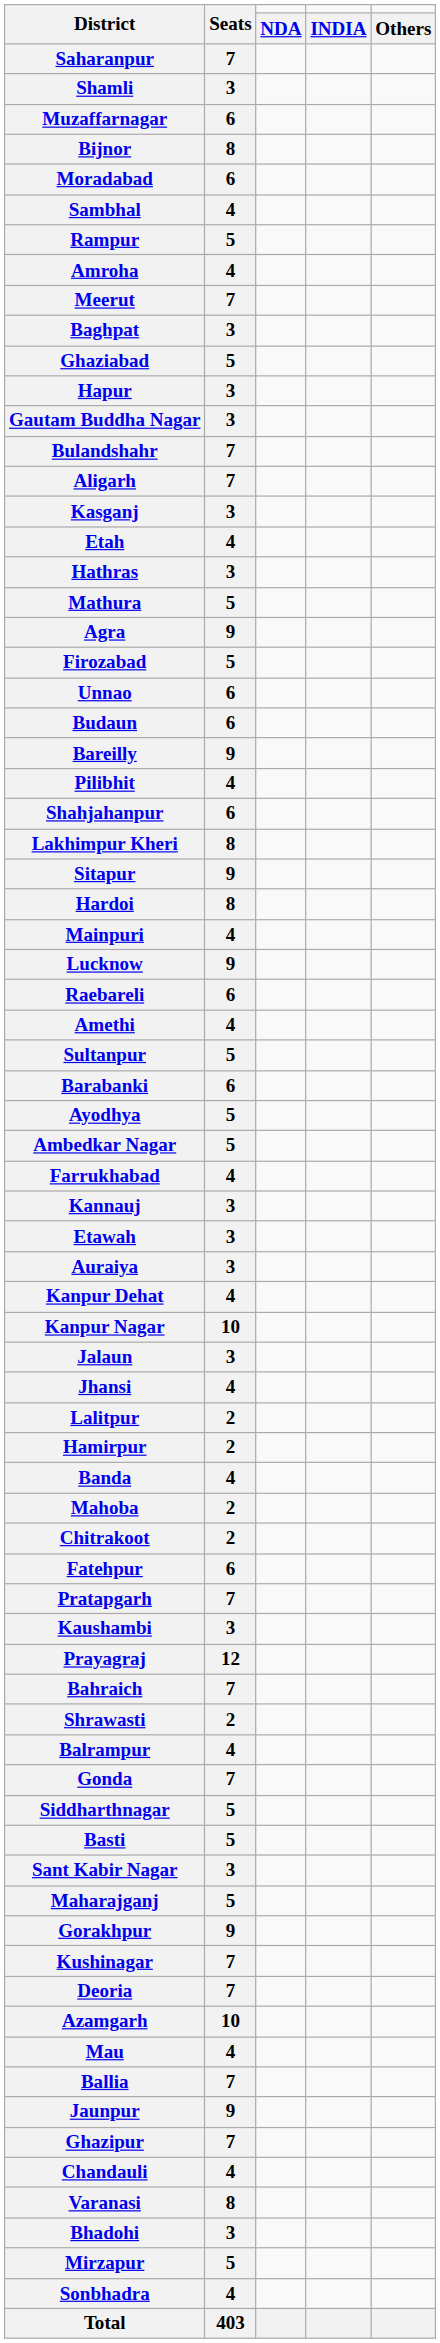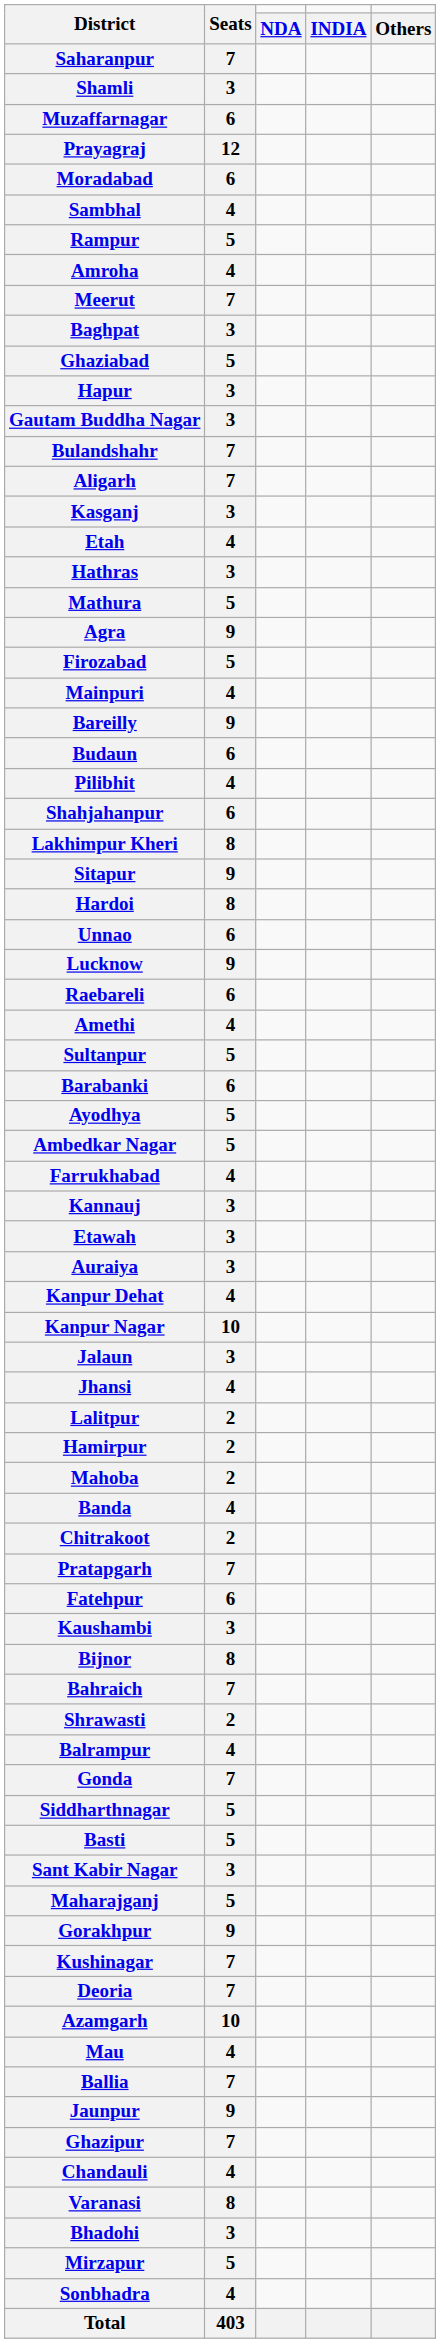 <table class="wikitable" style="text-align:center;">
 <tr>
 <th rowspan="2">District</th>
 <th rowspan="2">Seats</th>
 <td style="color:inherit;background:"></td>
 <td style="color:inherit;background:"></td>
 <td style="color:inherit;background:"></td>
 </tr>
 <tr>
 <th><a href='#'>NDA</a></th>
 <th><a href='#'>INDIA</a></th>
 <th>Others</th>
 </tr>
 <tr>
 <th><a href='#'>Saharanpur</a></th>
 <th>7</th>
 <td></td>
 <td></td>
 <td></td>
 </tr>
 <tr>
 <th><a href='#'>Shamli</a></th>
 <th>3</th>
 <td></td>
 <td></td>
 <td></td>
 </tr>
 <tr>
 <th><a href='#'>Muzaffarnagar</a></th>
 <th>6</th>
 <td></td>
 <td></td>
 <td></td>
 </tr>
 <tr>
-<th><a href='#'>Bijnor</a></th>
-<th>8</th>
+<th><a href='#'>Prayagraj</a></th>
+<th>12</th>
 <td></td>
 <td></td>
 <td></td>
 </tr>
 <tr>
 <th><a href='#'>Moradabad</a></th>
 <th>6</th>
 <td></td>
 <td></td>
 <td></td>
 </tr>
 <tr>
 <th><a href='#'>Sambhal</a></th>
 <th>4</th>
 <td></td>
 <td></td>
 <td></td>
 </tr>
 <tr>
 <th><a href='#'>Rampur</a></th>
 <th>5</th>
 <td></td>
 <td></td>
 <td></td>
 </tr>
 <tr>
 <th><a href='#'>Amroha</a></th>
 <th>4</th>
 <td></td>
 <td></td>
 <td></td>
 </tr>
 <tr>
 <th><a href='#'>Meerut</a></th>
 <th>7</th>
 <td></td>
 <td></td>
 <td></td>
 </tr>
 <tr>
 <th><a href='#'>Baghpat</a></th>
 <th>3</th>
 <td></td>
 <td></td>
 <td></td>
 </tr>
 <tr>
 <th><a href='#'>Ghaziabad</a></th>
 <th>5</th>
 <td></td>
 <td></td>
 <td></td>
 </tr>
 <tr>
 <th><a href='#'>Hapur</a></th>
 <th>3</th>
 <td></td>
 <td></td>
 <td></td>
 </tr>
 <tr>
 <th><a href='#'>Gautam Buddha Nagar</a></th>
 <th>3</th>
 <td></td>
 <td></td>
 <td></td>
 </tr>
 <tr>
 <th><a href='#'>Bulandshahr</a></th>
 <th>7</th>
 <td></td>
 <td></td>
 <td></td>
 </tr>
 <tr>
 <th><a href='#'>Aligarh</a></th>
 <th>7</th>
 <td></td>
 <td></td>
 <td></td>
 </tr>
 <tr>
 <th><a href='#'>Kasganj</a></th>
 <th>3</th>
 <td></td>
 <td></td>
 <td></td>
 </tr>
 <tr>
 <th><a href='#'>Etah</a></th>
 <th>4</th>
 <td></td>
 <td></td>
 <td></td>
 </tr>
 <tr>
 <th><a href='#'>Hathras</a></th>
 <th>3</th>
 <td></td>
 <td></td>
 <td></td>
 </tr>
 <tr>
 <th><a href='#'>Mathura</a></th>
 <th>5</th>
 <td></td>
 <td></td>
 <td></td>
 </tr>
 <tr>
 <th><a href='#'>Agra</a></th>
 <th>9</th>
 <td></td>
 <td></td>
 <td></td>
 </tr>
 <tr>
 <th><a href='#'>Firozabad</a></th>
 <th>5</th>
 <td></td>
 <td></td>
 <td></td>
 </tr>
 <tr>
-<th><a href='#'>Unnao</a></th>
-<th>6</th>
+<th><a href='#'>Mainpuri</a></th>
+<th>4</th>
+<td></td>
+<td></td>
+<td></td>
+</tr>
+<tr>
+<th><a href='#'>Bareilly</a></th>
+<th>9</th>
 <td></td>
 <td></td>
 <td></td>
 </tr>
 <tr>
 <th><a href='#'>Budaun</a></th>
 <th>6</th>
-<td></td>
-<td></td>
-<td></td>
-</tr>
-<tr>
-<th><a href='#'>Bareilly</a></th>
-<th>9</th>
 <td></td>
 <td></td>
 <td></td>
 </tr>
 <tr>
 <th><a href='#'>Pilibhit</a></th>
 <th>4</th>
 <td></td>
 <td></td>
 <td></td>
 </tr>
 <tr>
 <th><a href='#'>Shahjahanpur</a></th>
 <th>6</th>
 <td></td>
 <td></td>
 <td></td>
 </tr>
 <tr>
 <th><a href='#'>Lakhimpur Kheri</a></th>
 <th>8</th>
 <td></td>
 <td></td>
 <td></td>
 </tr>
 <tr>
 <th><a href='#'>Sitapur</a></th>
 <th>9</th>
 <td></td>
 <td></td>
 <td></td>
 </tr>
 <tr>
 <th><a href='#'>Hardoi</a></th>
 <th>8</th>
 <td></td>
 <td></td>
 <td></td>
 </tr>
 <tr>
-<th><a href='#'>Mainpuri</a></th>
-<th>4</th>
+<th><a href='#'>Unnao</a></th>
+<th>6</th>
 <td></td>
 <td></td>
 <td></td>
 </tr>
 <tr>
 <th><a href='#'>Lucknow</a></th>
 <th>9</th>
 <td></td>
 <td></td>
 <td></td>
 </tr>
 <tr>
 <th><a href='#'>Raebareli</a></th>
 <th>6</th>
 <td></td>
 <td></td>
 <td></td>
 </tr>
 <tr>
 <th><a href='#'>Amethi</a></th>
 <th>4</th>
 <td></td>
 <td></td>
 <td></td>
 </tr>
 <tr>
 <th><a href='#'>Sultanpur</a></th>
 <th>5</th>
 <td></td>
 <td></td>
 <td></td>
 </tr>
 <tr>
 <th><a href='#'>Barabanki</a></th>
 <th>6</th>
 <td></td>
 <td></td>
 <td></td>
 </tr>
 <tr>
 <th><a href='#'>Ayodhya</a></th>
 <th>5</th>
 <td></td>
 <td></td>
 <td></td>
 </tr>
 <tr>
 <th><a href='#'>Ambedkar Nagar</a></th>
 <th>5</th>
 <td></td>
 <td></td>
 <td></td>
 </tr>
 <tr>
 <th><a href='#'>Farrukhabad</a></th>
 <th>4</th>
 <td></td>
 <td></td>
 <td></td>
 </tr>
 <tr>
 <th><a href='#'>Kannauj</a></th>
 <th>3</th>
 <td></td>
 <td></td>
 <td></td>
 </tr>
 <tr>
 <th><a href='#'>Etawah</a></th>
 <th>3</th>
 <td></td>
 <td></td>
 <td></td>
 </tr>
 <tr>
 <th><a href='#'>Auraiya</a></th>
 <th>3</th>
 <td></td>
 <td></td>
 <td></td>
 </tr>
 <tr>
 <th><a href='#'>Kanpur Dehat</a></th>
 <th>4</th>
 <td></td>
 <td></td>
 <td></td>
 </tr>
 <tr>
 <th><a href='#'>Kanpur Nagar</a></th>
 <th>10</th>
 <td></td>
 <td></td>
 <td></td>
 </tr>
 <tr>
 <th><a href='#'>Jalaun</a></th>
 <th>3</th>
 <td></td>
 <td></td>
 <td></td>
 </tr>
 <tr>
 <th><a href='#'>Jhansi</a></th>
 <th>4</th>
 <td></td>
 <td></td>
 <td></td>
 </tr>
 <tr>
 <th><a href='#'>Lalitpur</a></th>
 <th>2</th>
 <td></td>
 <td></td>
 <td></td>
 </tr>
 <tr>
 <th><a href='#'>Hamirpur</a></th>
 <th>2</th>
 <td></td>
 <td></td>
 <td></td>
 </tr>
 <tr>
-<th><a href='#'>Banda</a></th>
-<th>4</th>
+<th><a href='#'>Mahoba</a></th>
+<th>2</th>
 <td></td>
 <td></td>
 <td></td>
 </tr>
 <tr>
-<th><a href='#'>Mahoba</a></th>
-<th>2</th>
+<th><a href='#'>Banda</a></th>
+<th>4</th>
 <td></td>
 <td></td>
 <td></td>
 </tr>
 <tr>
 <th><a href='#'>Chitrakoot</a></th>
 <th>2</th>
 <td></td>
 <td></td>
 <td></td>
 </tr>
 <tr>
-<th><a href='#'>Fatehpur</a></th>
-<th>6</th>
+<th><a href='#'>Pratapgarh</a></th>
+<th>7</th>
 <td></td>
 <td></td>
 <td></td>
 </tr>
 <tr>
-<th><a href='#'>Pratapgarh</a></th>
-<th>7</th>
+<th><a href='#'>Fatehpur</a></th>
+<th>6</th>
 <td></td>
 <td></td>
 <td></td>
 </tr>
 <tr>
 <th><a href='#'>Kaushambi</a></th>
 <th>3</th>
 <td></td>
 <td></td>
 <td></td>
 </tr>
 <tr>
-<th><a href='#'>Prayagraj</a></th>
-<th>12</th>
+<th><a href='#'>Bijnor</a></th>
+<th>8</th>
 <td></td>
 <td></td>
 <td></td>
 </tr>
 <tr>
 <th><a href='#'>Bahraich</a></th>
 <th>7</th>
 <td></td>
 <td></td>
 <td></td>
 </tr>
 <tr>
 <th><a href='#'>Shrawasti</a></th>
 <th>2</th>
 <td></td>
 <td></td>
 <td></td>
 </tr>
 <tr>
 <th><a href='#'>Balrampur</a></th>
 <th>4</th>
 <td></td>
 <td></td>
 <td></td>
 </tr>
 <tr>
 <th><a href='#'>Gonda</a></th>
 <th>7</th>
 <td></td>
 <td></td>
 <td></td>
 </tr>
 <tr>
 <th><a href='#'>Siddharthnagar</a></th>
 <th>5</th>
 <td></td>
 <td></td>
 <td></td>
 </tr>
 <tr>
 <th><a href='#'>Basti</a></th>
 <th>5</th>
 <td></td>
 <td></td>
 <td></td>
 </tr>
 <tr>
 <th><a href='#'>Sant Kabir Nagar</a></th>
 <th>3</th>
 <td></td>
 <td></td>
 <td></td>
 </tr>
 <tr>
 <th><a href='#'>Maharajganj</a></th>
 <th>5</th>
 <td></td>
 <td></td>
 <td></td>
 </tr>
 <tr>
 <th><a href='#'>Gorakhpur</a></th>
 <th>9</th>
 <td></td>
 <td></td>
 <td></td>
 </tr>
 <tr>
 <th><a href='#'>Kushinagar</a></th>
 <th>7</th>
 <td></td>
 <td></td>
 <td></td>
 </tr>
 <tr>
 <th><a href='#'>Deoria</a></th>
 <th>7</th>
 <td></td>
 <td></td>
 <td></td>
 </tr>
 <tr>
 <th><a href='#'>Azamgarh</a></th>
 <th>10</th>
 <td></td>
 <td></td>
 <td></td>
 </tr>
 <tr>
 <th><a href='#'>Mau</a></th>
 <th>4</th>
 <td></td>
 <td></td>
 <td></td>
 </tr>
 <tr>
 <th><a href='#'>Ballia</a></th>
 <th>7</th>
 <td></td>
 <td></td>
 <td></td>
 </tr>
 <tr>
 <th><a href='#'>Jaunpur</a></th>
 <th>9</th>
 <td></td>
 <td></td>
 <td></td>
 </tr>
 <tr>
 <th><a href='#'>Ghazipur</a></th>
 <th>7</th>
 <td></td>
 <td></td>
 <td></td>
 </tr>
 <tr>
 <th><a href='#'>Chandauli</a></th>
 <th>4</th>
 <td></td>
 <td></td>
 <td></td>
 </tr>
 <tr>
 <th><a href='#'>Varanasi</a></th>
 <th>8</th>
 <td></td>
 <td></td>
 <td></td>
 </tr>
 <tr>
 <th><a href='#'>Bhadohi</a></th>
 <th>3</th>
 <td></td>
 <td></td>
 <td></td>
 </tr>
 <tr>
 <th><a href='#'>Mirzapur</a></th>
 <th>5</th>
 <td></td>
 <td></td>
 <td></td>
 </tr>
 <tr>
 <th><a href='#'>Sonbhadra</a></th>
 <th>4</th>
 <td></td>
 <td></td>
 <td></td>
 </tr>
 <tr>
 <th>Total</th>
 <th>403</th>
 <th></th>
 <th></th>
 <th></th>
 </tr>
 </table>
